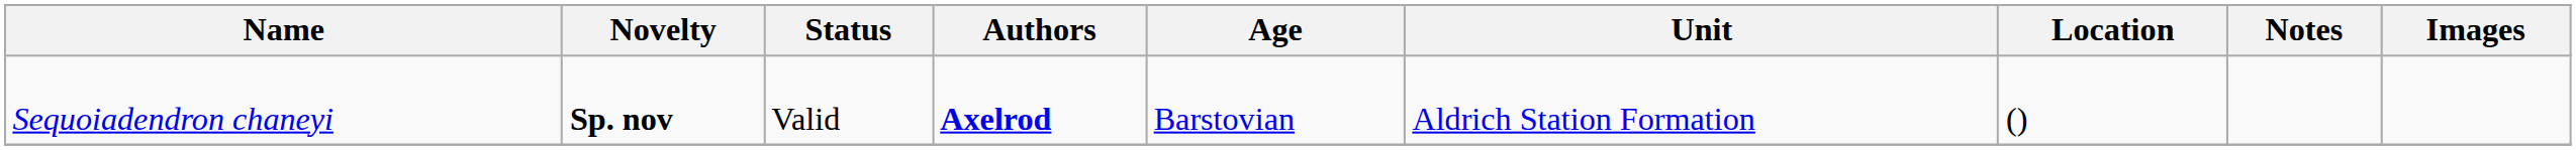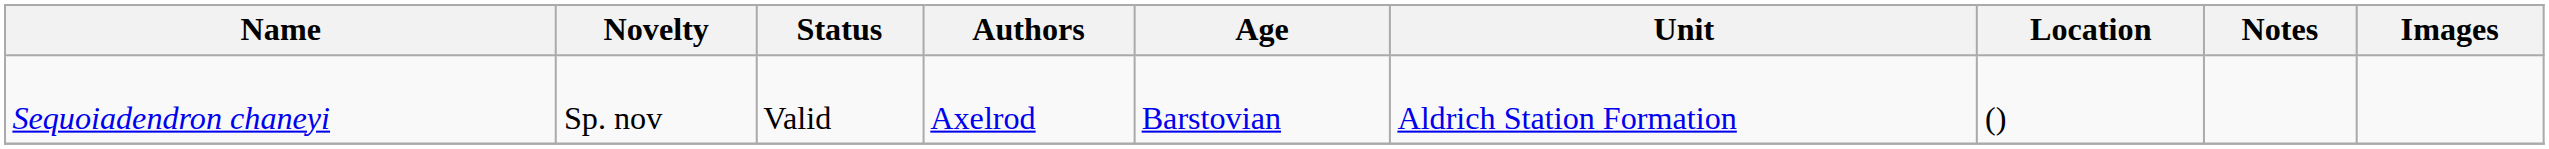 <table class="wikitable sortable" align="center" width="100%">
 <tr>
 <th>Name</th>
 <th>Novelty</th>
 <th>Status</th>
 <th>Authors</th>
 <th>Age</th>
 <th>Unit</th>
 <th>Location</th>
 <th>Notes</th>
 <th>Images</th>
 </tr>
 <tr>
 <td><br><em><a href='#'>Sequoiadendron chaneyi</a></em></td>
-<td><strong><br>Sp. nov</strong></td>
+<td><br>Sp. nov</td>
 <td><br>Valid</td>
-<td><strong><br><a href='#'>Axelrod</a></strong></td>
+<td><br><a href='#'>Axelrod</a></td>
 <td><br><a href='#'>Barstovian</a></td>
 <td><br><a href='#'>Aldrich Station Formation</a></td>
 <td><br> ()</td>
 <td></td>
 <td><br></td>
 </tr>
 <tr>
 </tr>
 </table>
